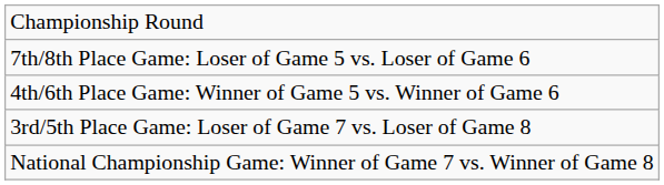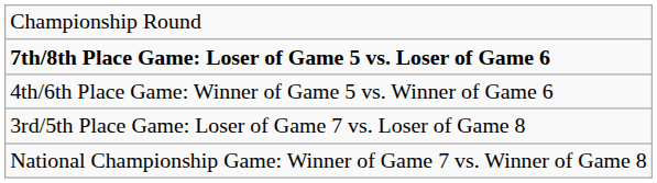 <table class="wikitable">
 <tr>
 <td>Championship Round</td>
 </tr>
 <tr>
-<td>7th/8th Place Game: Loser of Game 5 vs. Loser of Game 6</td>
+<td><strong>7th/8th Place Game: Loser of Game 5 vs. Loser of Game 6</strong></td>
 </tr>
 <tr>
 <td>4th/6th Place Game: Winner of Game 5 vs. Winner of Game 6</td>
 </tr>
 <tr>
 <td>3rd/5th Place Game: Loser of Game 7 vs. Loser of Game 8</td>
 </tr>
 <tr>
 <td>National Championship Game: Winner of Game 7 vs. Winner of Game 8</td>
 </tr>
 </table>
